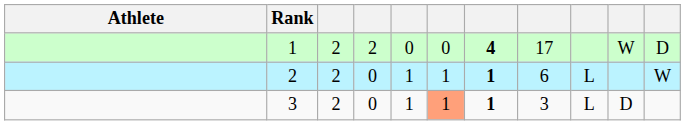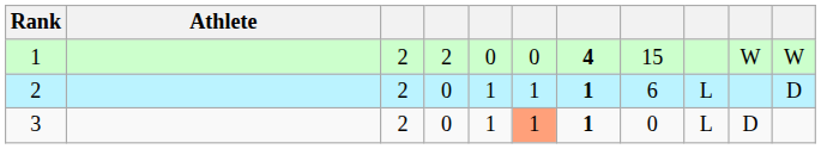 <table class="wikitable" style="text-align: center;">
 <tr>
+<th width=25>Rank</th>
 <th width=225>Athlete</th>
-<th width=25>Rank</th>
 <th width=25></th>
 <th width=25></th>
 <th width=25></th>
 <th width=25></th>
 <th width=40></th>
 <th width=40></th>
 <th width=25></th>
 <th width=25></th>
 <th width=25></th>
 </tr>
 <tr bgcolor=ccffcc>
+<td>1</td>
 <td align=left></td>
-<td>1</td>
 <td>2</td>
 <td>2</td>
 <td>0</td>
 <td>0</td>
 <td><strong>4</strong></td>
-<td>17</td>
+<td>15</td>
 <td></td>
 <td>W</td>
-<td>D</td>
+<td>W</td>
 </tr>
 <tr bgcolor=bbf3ff>
+<td>2</td>
 <td align=left></td>
-<td>2</td>
 <td>2</td>
 <td>0</td>
 <td>1</td>
 <td>1</td>
 <td><strong>1</strong></td>
 <td>6</td>
 <td>L</td>
 <td></td>
-<td>W</td>
+<td>D</td>
 </tr>
 <tr>
+<td>3</td>
 <td align=left></td>
-<td>3</td>
 <td>2</td>
 <td>0</td>
 <td>1</td>
 <td style="background: lightsalmon;">1</td>
 <td><strong>1</strong></td>
-<td>3</td>
+<td>0</td>
 <td>L</td>
 <td>D</td>
 <td></td>
 </tr>
 </table>
